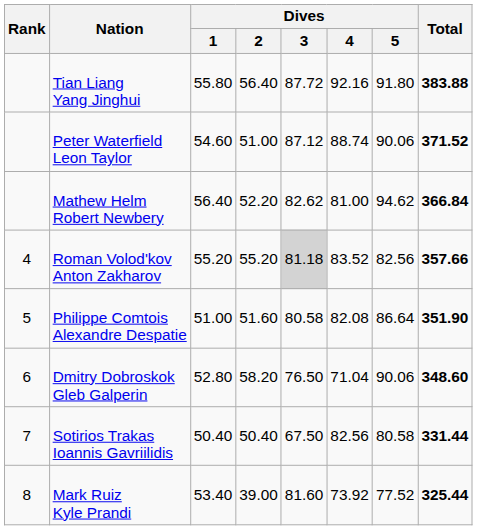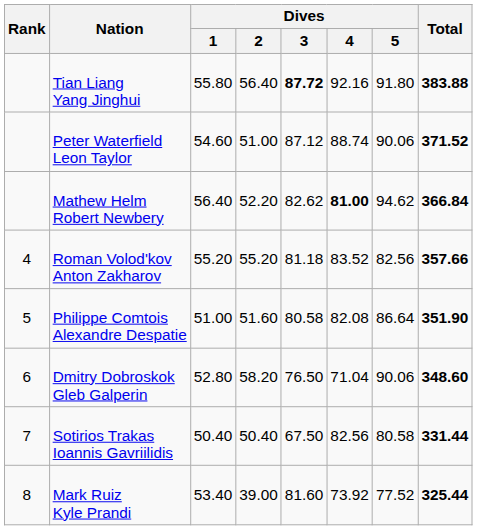 <table class="wikitable sortable" style="text-align:center">
 <tr>
 <th rowspan=2>Rank</th>
 <th rowspan=2>Nation</th>
 <th colspan="5">Dives</th>
 <th rowspan=2>Total</th>
 </tr>
 <tr>
 <th>1</th>
 <th>2</th>
 <th>3</th>
 <th>4</th>
 <th>5</th>
 </tr>
 <tr>
 <td></td>
 <td align=left> <br> <a href='#'>Tian Liang</a><br> <a href='#'>Yang Jinghui</a></td>
 <td>55.80</td>
 <td>56.40</td>
-<td>87.72</td>
+<td><strong>87.72</strong></td>
 <td>92.16</td>
 <td>91.80</td>
 <td><strong>383.88</strong></td>
 </tr>
 <tr>
 <td></td>
 <td align=left> <br> <a href='#'>Peter Waterfield</a><br> <a href='#'>Leon Taylor</a></td>
 <td>54.60</td>
 <td>51.00</td>
 <td>87.12</td>
 <td>88.74</td>
 <td>90.06</td>
 <td><strong>371.52</strong></td>
 </tr>
 <tr>
 <td></td>
 <td align=left> <br> <a href='#'>Mathew Helm</a><br> <a href='#'>Robert Newbery</a></td>
 <td>56.40</td>
 <td>52.20</td>
 <td>82.62</td>
-<td>81.00</td>
+<td><strong>81.00</strong></td>
 <td>94.62</td>
 <td><strong>366.84</strong></td>
 </tr>
 <tr>
 <td>4</td>
 <td align=left> <br> <a href='#'>Roman Volod'kov</a><br> <a href='#'>Anton Zakharov</a></td>
 <td>55.20</td>
 <td>55.20</td>
-<td style="background: lightgrey;">81.18</td>
+<td>81.18</td>
 <td>83.52</td>
 <td>82.56</td>
 <td><strong>357.66</strong></td>
 </tr>
 <tr>
 <td>5</td>
 <td align=left> <br> <a href='#'>Philippe Comtois</a><br> <a href='#'>Alexandre Despatie</a></td>
 <td>51.00</td>
 <td>51.60</td>
 <td>80.58</td>
 <td>82.08</td>
 <td>86.64</td>
 <td><strong>351.90</strong></td>
 </tr>
 <tr>
 <td>6</td>
 <td align=left> <br> <a href='#'>Dmitry Dobroskok</a><br> <a href='#'>Gleb Galperin</a></td>
 <td>52.80</td>
 <td>58.20</td>
 <td>76.50</td>
 <td>71.04</td>
 <td>90.06</td>
 <td><strong>348.60</strong></td>
 </tr>
 <tr>
 <td>7</td>
 <td align=left> <br> <a href='#'>Sotirios Trakas</a><br> <a href='#'>Ioannis Gavriilidis</a></td>
 <td>50.40</td>
 <td>50.40</td>
 <td>67.50</td>
 <td>82.56</td>
 <td>80.58</td>
 <td><strong>331.44</strong></td>
 </tr>
 <tr>
 <td>8</td>
 <td align=left> <br> <a href='#'>Mark Ruiz</a><br> <a href='#'>Kyle Prandi</a></td>
 <td>53.40</td>
 <td>39.00</td>
 <td>81.60</td>
 <td>73.92</td>
 <td>77.52</td>
 <td><strong>325.44</strong></td>
 </tr>
 </table>
